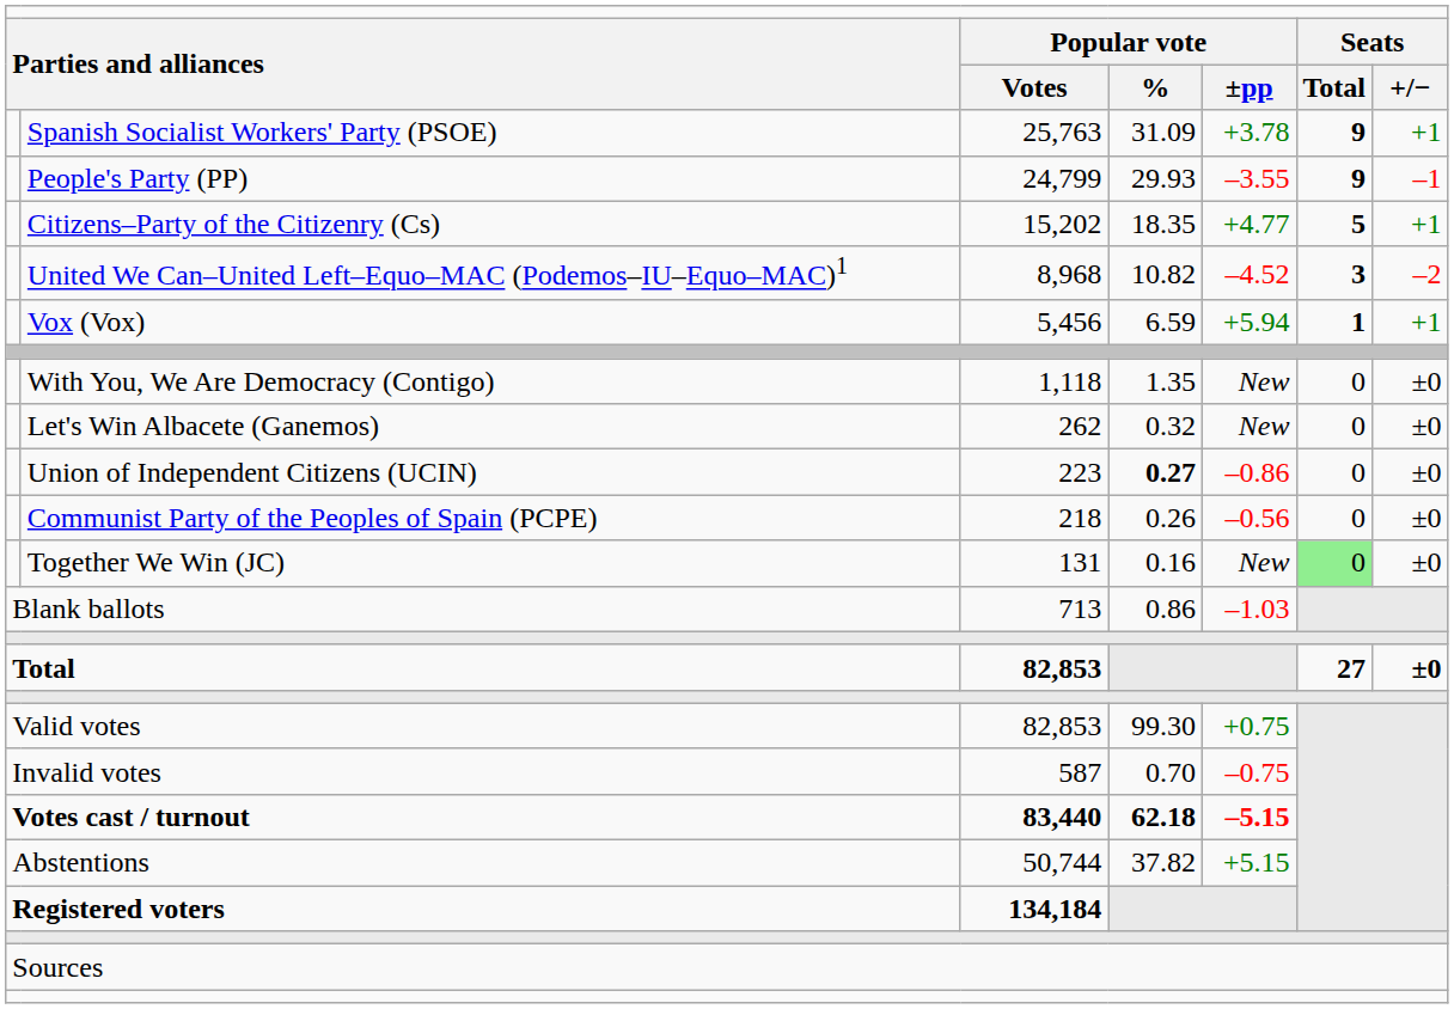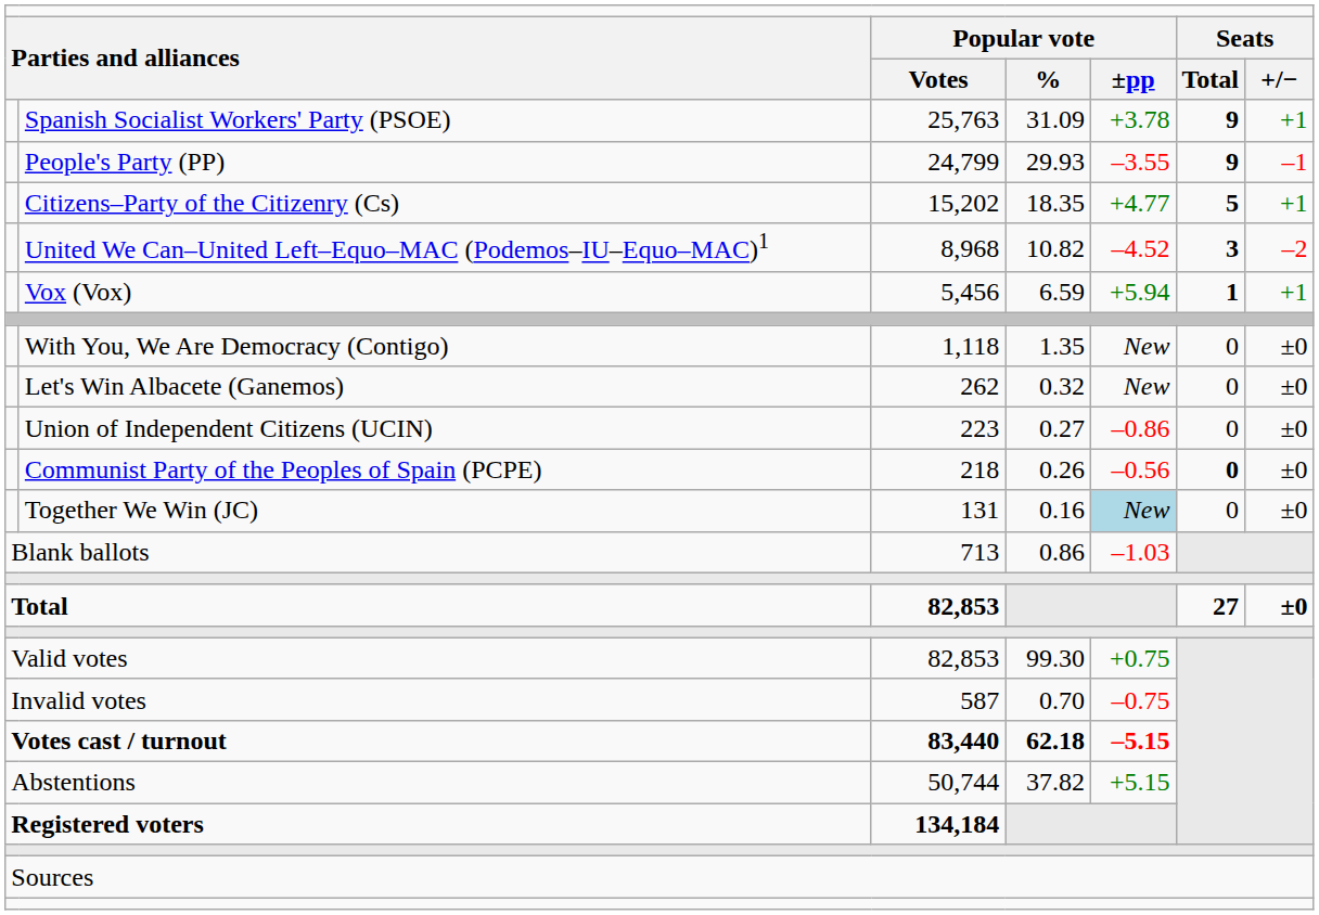 <table class="wikitable" style="text-align:right;">
 <tr>
 <td colspan="7"></td>
 </tr>
 <tr>
 <th style="text-align:left;" rowspan="2" colspan="2" width="525">Parties and alliances</th>
 <th colspan="3">Popular vote</th>
 <th colspan="2">Seats</th>
 </tr>
 <tr>
 <th width="75">Votes</th>
 <th width="45">%</th>
 <th width="45">±<a href='#'>pp</a></th>
 <th width="35">Total</th>
 <th width="35">+/−</th>
 </tr>
 <tr>
 <td width="1" style="color:inherit;background:"></td>
 <td align="left"><a href='#'>Spanish Socialist Workers' Party</a> (PSOE)</td>
 <td>25,763</td>
 <td>31.09</td>
 <td style="color:green;">+3.78</td>
 <td><strong>9</strong></td>
 <td style="color:green;">+1</td>
 </tr>
 <tr>
 <td style="color:inherit;background:"></td>
 <td align="left"><a href='#'>People's Party</a> (PP)</td>
 <td>24,799</td>
 <td>29.93</td>
 <td style="color:red;">–3.55</td>
 <td><strong>9</strong></td>
 <td style="color:red;">–1</td>
 </tr>
 <tr>
 <td style="color:inherit;background:"></td>
 <td align="left"><a href='#'>Citizens–Party of the Citizenry</a> (Cs)</td>
 <td>15,202</td>
 <td>18.35</td>
 <td style="color:green;">+4.77</td>
 <td><strong>5</strong></td>
 <td style="color:green;">+1</td>
 </tr>
 <tr>
 <td style="color:inherit;background:"></td>
 <td align="left"><a href='#'>United We Can–United Left–Equo–MAC</a> (<a href='#'>Podemos</a>–<a href='#'>IU</a>–<a href='#'>Equo–MAC</a>)<sup>1</sup></td>
 <td>8,968</td>
 <td>10.82</td>
 <td style="color:red;">–4.52</td>
 <td><strong>3</strong></td>
 <td style="color:red;">–2</td>
 </tr>
 <tr>
 <td style="color:inherit;background:"></td>
 <td align="left"><a href='#'>Vox</a> (Vox)</td>
 <td>5,456</td>
 <td>6.59</td>
 <td style="color:green;">+5.94</td>
 <td><strong>1</strong></td>
 <td style="color:green;">+1</td>
 </tr>
 <tr>
 <td colspan="7" bgcolor="#C0C0C0"></td>
 </tr>
 <tr>
 <td style="color:inherit;background:"></td>
 <td align="left">With You, We Are Democracy (Contigo)</td>
 <td>1,118</td>
 <td>1.35</td>
 <td><em>New</em></td>
 <td>0</td>
 <td>±0</td>
 </tr>
 <tr>
 <td style="color:inherit;background:"></td>
 <td align="left">Let's Win Albacete (Ganemos)</td>
 <td>262</td>
 <td>0.32</td>
 <td><em>New</em></td>
 <td>0</td>
 <td>±0</td>
 </tr>
 <tr>
 <td style="color:inherit;background:"></td>
 <td align="left">Union of Independent Citizens (UCIN)</td>
 <td>223</td>
-<td><strong>0.27</strong></td>
+<td>0.27</td>
 <td style="color:red;">–0.86</td>
 <td>0</td>
 <td>±0</td>
 </tr>
 <tr>
 <td style="color:inherit;background:"></td>
 <td align="left"><a href='#'>Communist Party of the Peoples of Spain</a> (PCPE)</td>
 <td>218</td>
 <td>0.26</td>
 <td style="color:red;">–0.56</td>
-<td>0</td>
+<td><strong>0</strong></td>
 <td>±0</td>
 </tr>
 <tr>
 <td style="color:inherit;background:"></td>
 <td align="left">Together We Win (JC)</td>
 <td>131</td>
 <td>0.16</td>
-<td><em>New</em></td>
-<td style="background: lightgreen;">0</td>
+<td style="background: lightblue;"><em>New</em></td>
+<td>0</td>
 <td>±0</td>
 </tr>
 <tr>
 <td align="left" colspan="2">Blank ballots</td>
 <td>713</td>
 <td>0.86</td>
 <td style="color:red;">–1.03</td>
 <td bgcolor="#E9E9E9" colspan="2"></td>
 </tr>
 <tr>
 <td colspan="7" bgcolor="#E9E9E9"></td>
 </tr>
 <tr style="font-weight:bold;">
 <td align="left" colspan="2">Total</td>
 <td>82,853</td>
 <td bgcolor="#E9E9E9" colspan="2"></td>
 <td>27</td>
 <td>±0</td>
 </tr>
 <tr>
 <td colspan="7" bgcolor="#E9E9E9"></td>
 </tr>
 <tr>
 <td align="left" colspan="2">Valid votes</td>
 <td>82,853</td>
 <td>99.30</td>
 <td style="color:green;">+0.75</td>
 <td bgcolor="#E9E9E9" colspan="2" rowspan="5"></td>
 </tr>
 <tr>
 <td align="left" colspan="2">Invalid votes</td>
 <td>587</td>
 <td>0.70</td>
 <td style="color:red;">–0.75</td>
 </tr>
 <tr style="font-weight:bold;">
 <td align="left" colspan="2">Votes cast / turnout</td>
 <td>83,440</td>
 <td>62.18</td>
 <td style="color:red;">–5.15</td>
 </tr>
 <tr>
 <td align="left" colspan="2">Abstentions</td>
 <td>50,744</td>
 <td>37.82</td>
 <td style="color:green;">+5.15</td>
 </tr>
 <tr style="font-weight:bold;">
 <td align="left" colspan="2">Registered voters</td>
 <td>134,184</td>
 <td bgcolor="#E9E9E9" colspan="2"></td>
 </tr>
 <tr>
 <td colspan="7" bgcolor="#E9E9E9"></td>
 </tr>
 <tr>
 <td align="left" colspan="7">Sources</td>
 </tr>
 <tr>
 <td colspan="7" style="text-align:left; max-width:790px;"></td>
 </tr>
 </table>
